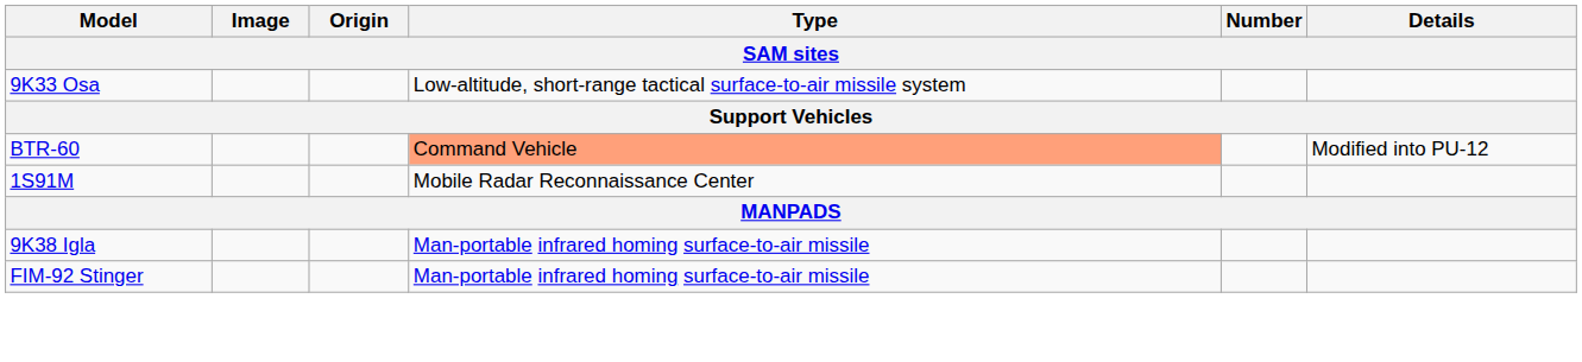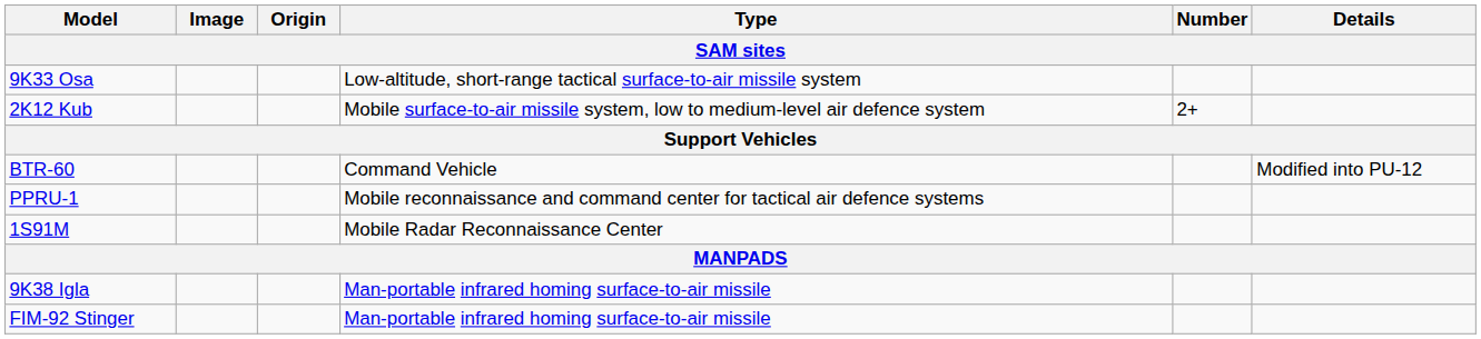 <table class="wikitable">
 <tr>
 <th>Model</th>
 <th>Image</th>
 <th>Origin</th>
 <th>Type</th>
 <th style="width:5%;">Number</th>
 <th>Details</th>
 </tr>
 <tr>
 <th colspan="6" style="align: center;"><a href='#'>SAM sites</a></th>
 </tr>
 <tr>
 <td><a href='#'>9K33 Osa</a></td>
 <td></td>
 <td></td>
 <td>Low-altitude, short-range tactical <a href='#'>surface-to-air missile</a> system</td>
 <td></td>
 </tr>
 <tr>
+<td><a href='#'>2K12 Kub</a></td>
+<td></td>
+<td><br></td>
+<td>Mobile <a href='#'>surface-to-air missile</a> system, low to medium-level air defence system</td>
+<td>2+</td>
+<td></td>
+</tr>
+<tr>
 <th colspan="6" style="align: center;">Support Vehicles</th>
 </tr>
 <tr>
 <td><a href='#'>BTR-60</a></td>
 <td></td>
 <td></td>
-<td style="background: lightsalmon;">Command Vehicle</td>
+<td>Command Vehicle</td>
 <td></td>
 <td>Modified into PU-12</td>
+</tr>
+<tr>
+<td><a href='#'>PPRU-1</a></td>
+<td></td>
+<td></td>
+<td>Mobile reconnaissance and command center for tactical air defence systems</td>
+<td></td>
+<td></td>
 </tr>
 <tr>
 <td><a href='#'>1S91M</a></td>
 <td></td>
 <td></td>
 <td>Mobile Radar Reconnaissance Center</td>
 <td></td>
 <td></td>
 </tr>
 <tr>
 <th colspan="6" style="align: center;"><a href='#'>MANPADS</a></th>
 </tr>
 <tr>
 <td><a href='#'>9K38 Igla</a></td>
 <td></td>
 <td></td>
 <td><a href='#'>Man-portable</a> <a href='#'>infrared homing</a> <a href='#'>surface-to-air missile</a></td>
 <td></td>
 <td></td>
 </tr>
 <tr>
 <td><a href='#'>FIM-92 Stinger</a></td>
 <td></td>
 <td></td>
 <td><a href='#'>Man-portable</a> <a href='#'>infrared homing</a> <a href='#'>surface-to-air missile</a></td>
 <td></td>
 <td></td>
 </tr>
 </table>
